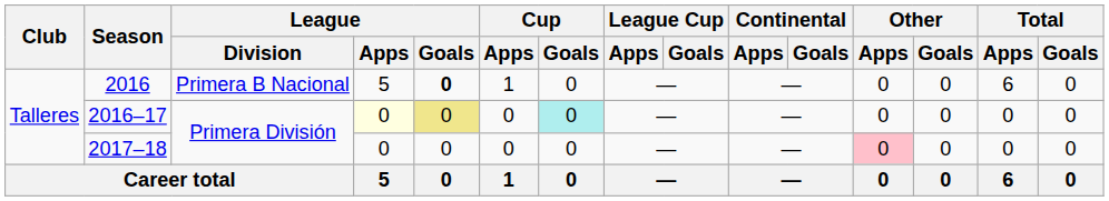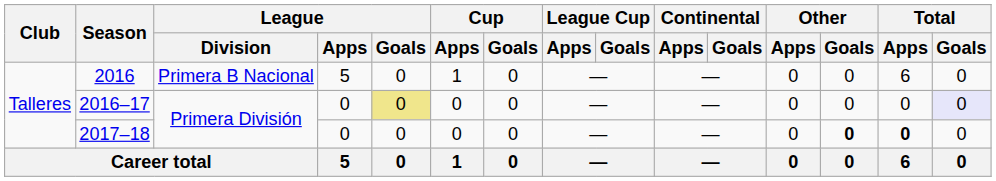 <table class="wikitable" style="text-align:center">
 <tr>
 <th rowspan="2">Club</th>
 <th rowspan="2">Season</th>
 <th colspan="3">League</th>
 <th colspan="2">Cup</th>
 <th colspan="2">League Cup</th>
 <th colspan="2">Continental</th>
 <th colspan="2">Other</th>
 <th colspan="2">Total</th>
 </tr>
 <tr>
 <th>Division</th>
 <th>Apps</th>
 <th>Goals</th>
 <th>Apps</th>
 <th>Goals</th>
 <th>Apps</th>
 <th>Goals</th>
 <th>Apps</th>
 <th>Goals</th>
 <th>Apps</th>
 <th>Goals</th>
 <th>Apps</th>
 <th>Goals</th>
 </tr>
 <tr>
 <td rowspan="3"><a href='#'>Talleres</a></td>
 <td><a href='#'>2016</a></td>
 <td rowspan="1"><a href='#'>Primera B Nacional</a></td>
 <td>5</td>
-<td><strong>0</strong></td>
+<td>0</td>
 <td>1</td>
 <td>0</td>
 <td colspan="2">—</td>
 <td colspan="2">—</td>
 <td>0</td>
 <td>0</td>
 <td>6</td>
 <td>0</td>
 </tr>
 <tr>
 <td><a href='#'>2016–17</a></td>
 <td rowspan="2"><a href='#'>Primera División</a></td>
-<td style="background: lightyellow;">0</td>
+<td>0</td>
 <td style="background: khaki;">0</td>
 <td>0</td>
-<td style="background: paleturquoise;">0</td>
+<td>0</td>
 <td colspan="2">—</td>
 <td colspan="2">—</td>
 <td>0</td>
 <td>0</td>
 <td>0</td>
-<td>0</td>
+<td style="background: lavender;">0</td>
 </tr>
 <tr>
 <td><a href='#'>2017–18</a></td>
 <td>0</td>
 <td>0</td>
 <td>0</td>
 <td>0</td>
 <td colspan="2">—</td>
 <td colspan="2">—</td>
-<td style="background: pink;">0</td>
 <td>0</td>
-<td>0</td>
+<td><strong>0</strong></td>
+<td><strong>0</strong></td>
 <td>0</td>
 </tr>
 <tr>
 <th colspan="3">Career total</th>
 <th>5</th>
 <th>0</th>
 <th>1</th>
 <th>0</th>
 <th colspan="2">—</th>
 <th colspan="2">—</th>
 <th>0</th>
 <th>0</th>
 <th>6</th>
 <th>0</th>
 </tr>
 </table>
